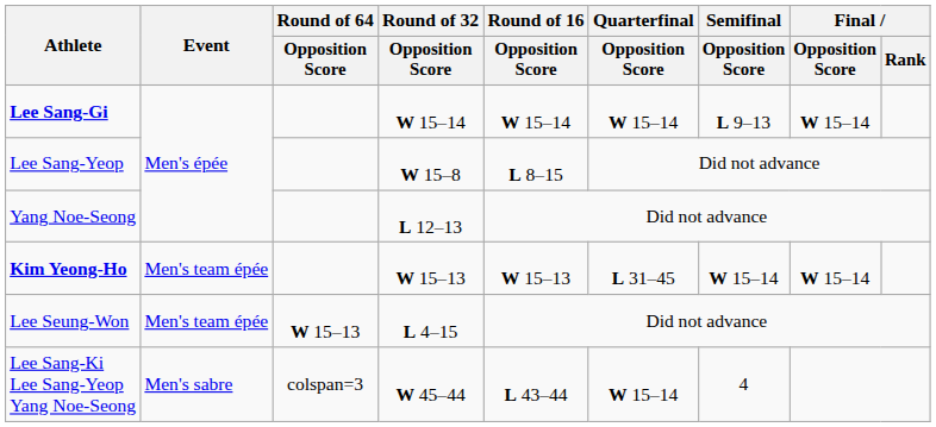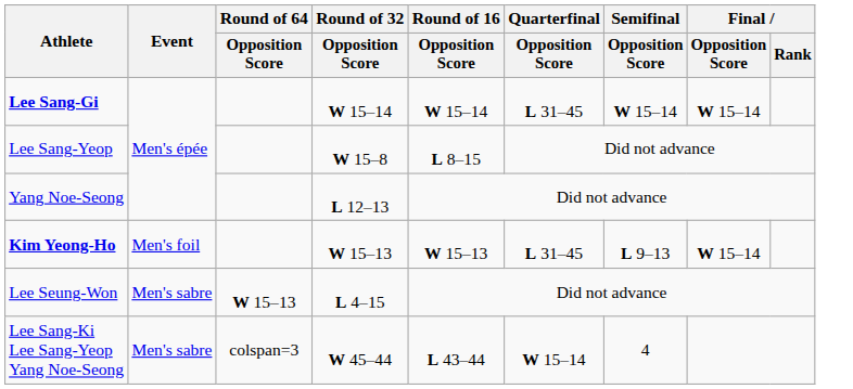 <table class="wikitable" style="font-size:90%">
 <tr>
 <th rowspan="2">Athlete</th>
 <th rowspan="2">Event</th>
 <th>Round of 64</th>
 <th>Round of 32</th>
 <th>Round of 16</th>
 <th>Quarterfinal</th>
 <th>Semifinal</th>
 <th colspan=2>Final / </th>
 </tr>
 <tr style="font-size:95%">
 <th>Opposition <br> Score</th>
 <th>Opposition <br> Score</th>
 <th>Opposition <br> Score</th>
 <th>Opposition <br> Score</th>
 <th>Opposition <br> Score</th>
 <th>Opposition <br> Score</th>
 <th>Rank</th>
 </tr>
 <tr style="text-align: center;">
 <td style="text-align: left;"><strong><a href='#'>Lee Sang-Gi</a></strong></td>
 <td style="text-align: left;" rowspan=3><a href='#'>Men's épée</a></td>
 <td></td>
 <td><br><strong>W</strong> 15–14</td>
 <td><br><strong>W</strong> 15–14</td>
+<td><br><strong>L</strong> 31–45</td>
 <td><br><strong>W</strong> 15–14</td>
-<td><br><strong>L</strong> 9–13</td>
 <td><br><strong>W</strong> 15–14</td>
 <td></td>
 </tr>
 <tr style="text-align: center;">
 <td style="text-align: left;"><a href='#'>Lee Sang-Yeop</a></td>
 <td></td>
 <td><br><strong>W</strong> 15–8</td>
 <td><br><strong>L</strong> 8–15</td>
 <td colspan=4>Did not advance</td>
 </tr>
 <tr style="text-align: center;">
 <td style="text-align: left;"><a href='#'>Yang Noe-Seong</a></td>
 <td></td>
 <td><br><strong>L</strong> 12–13</td>
 <td colspan=5>Did not advance</td>
 </tr>
 <tr style="text-align: center;">
 <td style="text-align: left;"><strong><a href='#'>Kim Yeong-Ho</a></strong></td>
-<td style="text-align: left;"><a href='#'>Men's team épée</a></td>
+<td style="text-align: left;"><a href='#'>Men's foil</a></td>
 <td></td>
 <td><br><strong>W</strong> 15–13</td>
 <td><br><strong>W</strong> 15–13</td>
 <td><br><strong>L</strong> 31–45</td>
-<td><br><strong>W</strong> 15–14</td>
+<td><br><strong>L</strong> 9–13</td>
 <td><br><strong>W</strong> 15–14</td>
 <td></td>
 </tr>
 <tr style="text-align: center;">
 <td style="text-align: left;"><a href='#'>Lee Seung-Won</a></td>
-<td style="text-align: left;"><a href='#'>Men's team épée</a></td>
+<td style="text-align: left;"><a href='#'>Men's sabre</a></td>
 <td><br><strong>W</strong> 15–13</td>
 <td><br><strong>L</strong> 4–15</td>
 <td colspan=5>Did not advance</td>
 </tr>
 <tr style="text-align: center;">
 <td style="text-align: left;"><a href='#'>Lee Sang-Ki</a><br> <a href='#'>Lee Sang-Yeop</a><br> <a href='#'>Yang Noe-Seong</a></td>
 <td style="text-align: left;"><a href='#'>Men's sabre</a></td>
 <td>colspan=3 </td>
 <td><br><strong>W</strong> 45–44</td>
 <td><br><strong>L</strong> 43–44</td>
 <td><br><strong>W</strong> 15–14</td>
 <td>4</td>
 </tr>
 </table>
